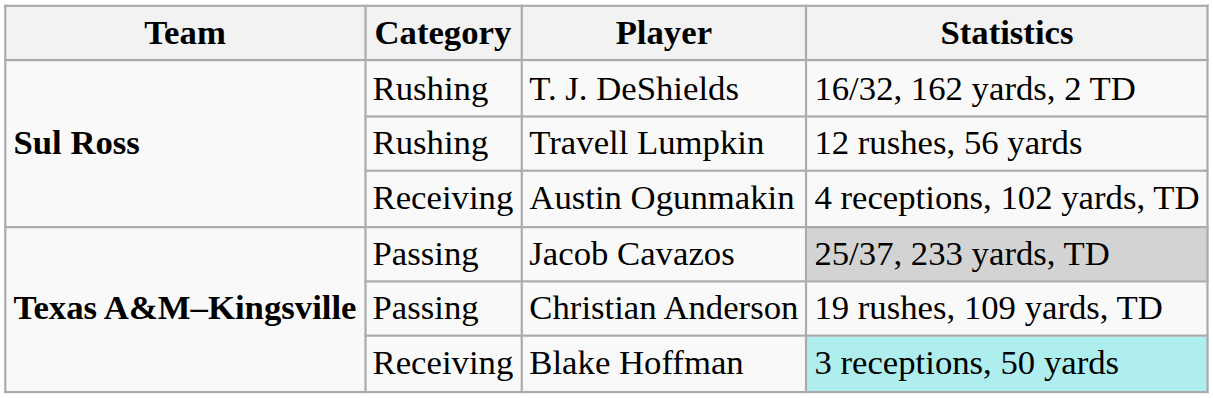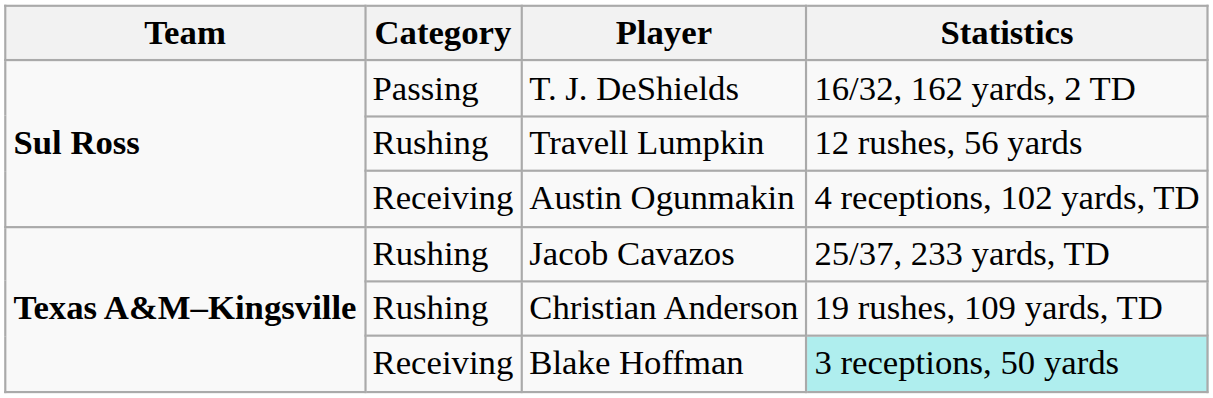 <table class="wikitable" style="float: right;">
 <tr>
 <th>Team</th>
 <th>Category</th>
 <th>Player</th>
 <th>Statistics</th>
 </tr>
 <tr>
 <td rowspan=3><strong>Sul Ross</strong></td>
-<td>Rushing</td>
+<td>Passing</td>
 <td>T. J. DeShields</td>
 <td>16/32, 162 yards, 2 TD</td>
 </tr>
 <tr>
 <td>Rushing</td>
 <td>Travell Lumpkin</td>
 <td>12 rushes, 56 yards</td>
 </tr>
 <tr>
 <td>Receiving</td>
 <td>Austin Ogunmakin</td>
 <td>4 receptions, 102 yards, TD</td>
 </tr>
 <tr>
 <td rowspan=3><strong>Texas A&M–Kingsville</strong></td>
-<td>Passing</td>
+<td>Rushing</td>
 <td>Jacob Cavazos</td>
-<td style="background: lightgrey;">25/37, 233 yards, TD</td>
+<td>25/37, 233 yards, TD</td>
 </tr>
 <tr>
-<td>Passing</td>
+<td>Rushing</td>
 <td>Christian Anderson</td>
 <td>19 rushes, 109 yards, TD</td>
 </tr>
 <tr>
 <td>Receiving</td>
 <td>Blake Hoffman</td>
 <td style="background: paleturquoise;">3 receptions, 50 yards</td>
 </tr>
 </table>
